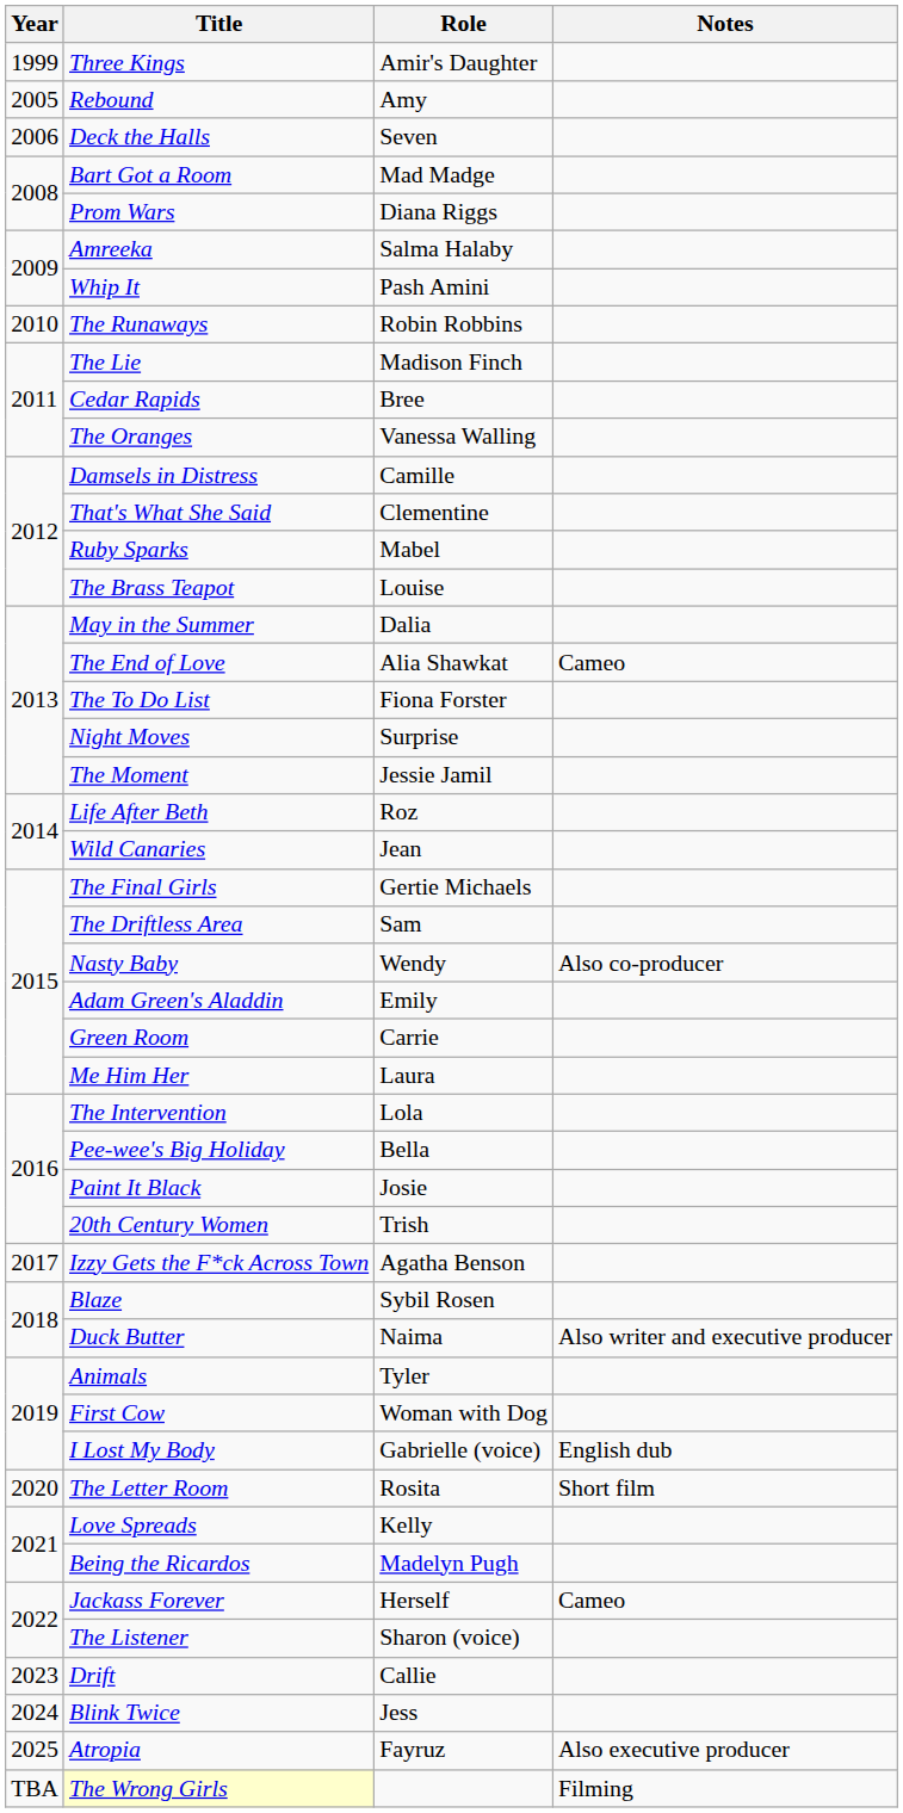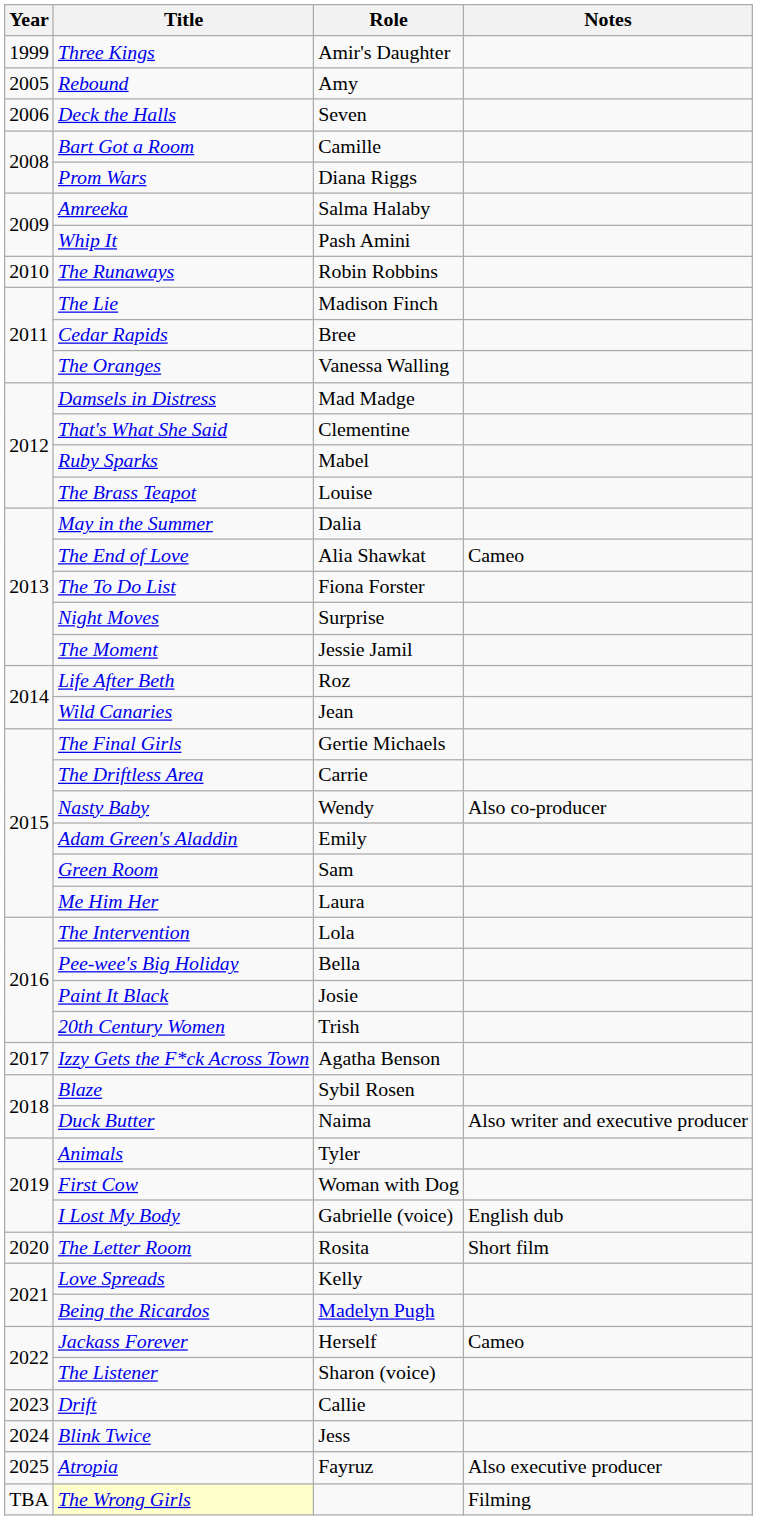 <table class="wikitable sortable">
 <tr>
 <th>Year</th>
 <th>Title</th>
 <th>Role</th>
 <th class="unsortable">Notes</th>
 </tr>
 <tr>
 <td>1999</td>
 <td><em><a href='#'>Three Kings</a></em></td>
 <td>Amir's Daughter</td>
 <td></td>
 </tr>
 <tr>
 <td>2005</td>
 <td><em><a href='#'>Rebound</a></em></td>
 <td>Amy</td>
 <td></td>
 </tr>
 <tr>
 <td>2006</td>
 <td><em><a href='#'>Deck the Halls</a></em></td>
 <td>Seven</td>
 <td></td>
 </tr>
 <tr>
 <td rowspan="2">2008</td>
 <td><em><a href='#'>Bart Got a Room</a></em></td>
-<td>Mad Madge</td>
+<td>Camille</td>
 <td></td>
 </tr>
 <tr>
 <td><em><a href='#'>Prom Wars</a></em></td>
 <td>Diana Riggs</td>
 <td></td>
 </tr>
 <tr>
 <td rowspan="2">2009</td>
 <td><em><a href='#'>Amreeka</a></em></td>
 <td>Salma Halaby</td>
 <td></td>
 </tr>
 <tr>
 <td><em><a href='#'>Whip It</a></em></td>
 <td>Pash Amini</td>
 <td></td>
 </tr>
 <tr>
 <td>2010</td>
 <td><em><a href='#'>The Runaways</a></em></td>
 <td>Robin Robbins</td>
 <td></td>
 </tr>
 <tr>
 <td rowspan="3">2011</td>
 <td><em><a href='#'>The Lie</a></em></td>
 <td>Madison Finch</td>
 <td></td>
 </tr>
 <tr>
 <td><em><a href='#'>Cedar Rapids</a></em></td>
 <td>Bree</td>
 <td></td>
 </tr>
 <tr>
 <td><em><a href='#'>The Oranges</a></em></td>
 <td>Vanessa Walling</td>
 <td></td>
 </tr>
 <tr>
 <td rowspan="4">2012</td>
 <td><em><a href='#'>Damsels in Distress</a></em></td>
-<td>Camille</td>
+<td>Mad Madge</td>
 <td></td>
 </tr>
 <tr>
 <td><em><a href='#'>That's What She Said</a></em></td>
 <td>Clementine</td>
 <td></td>
 </tr>
 <tr>
 <td><em><a href='#'>Ruby Sparks</a></em></td>
 <td>Mabel</td>
 <td></td>
 </tr>
 <tr>
 <td><em><a href='#'>The Brass Teapot</a></em></td>
 <td>Louise</td>
 <td></td>
 </tr>
 <tr>
 <td rowspan="5">2013</td>
 <td><em><a href='#'>May in the Summer</a></em></td>
 <td>Dalia</td>
 <td></td>
 </tr>
 <tr>
 <td><em><a href='#'>The End of Love</a></em></td>
 <td>Alia Shawkat</td>
 <td>Cameo</td>
 </tr>
 <tr>
 <td><em><a href='#'>The To Do List</a></em></td>
 <td>Fiona Forster</td>
 <td></td>
 </tr>
 <tr>
 <td><em><a href='#'>Night Moves</a></em></td>
 <td>Surprise</td>
 <td></td>
 </tr>
 <tr>
 <td><em><a href='#'>The Moment</a></em></td>
 <td>Jessie Jamil</td>
 <td></td>
 </tr>
 <tr>
 <td rowspan="2">2014</td>
 <td><em><a href='#'>Life After Beth</a></em></td>
 <td>Roz</td>
 <td></td>
 </tr>
 <tr>
 <td><em><a href='#'>Wild Canaries</a></em></td>
 <td>Jean</td>
 <td></td>
 </tr>
 <tr>
 <td rowspan="6">2015</td>
 <td><em><a href='#'>The Final Girls</a></em></td>
 <td>Gertie Michaels</td>
 <td></td>
 </tr>
 <tr>
 <td><em><a href='#'>The Driftless Area</a></em></td>
-<td>Sam</td>
+<td>Carrie</td>
 <td></td>
 </tr>
 <tr>
 <td><em><a href='#'>Nasty Baby</a></em></td>
 <td>Wendy</td>
 <td>Also co-producer</td>
 </tr>
 <tr>
 <td><em><a href='#'>Adam Green's Aladdin</a></em></td>
 <td>Emily</td>
 <td></td>
 </tr>
 <tr>
 <td><em><a href='#'>Green Room</a></em></td>
-<td>Carrie</td>
+<td>Sam</td>
 <td></td>
 </tr>
 <tr>
 <td><em><a href='#'>Me Him Her</a></em></td>
 <td>Laura</td>
 <td></td>
 </tr>
 <tr>
 <td rowspan="4">2016</td>
 <td><em><a href='#'>The Intervention</a></em></td>
 <td>Lola</td>
 <td></td>
 </tr>
 <tr>
 <td><em><a href='#'>Pee-wee's Big Holiday</a></em></td>
 <td>Bella</td>
 <td></td>
 </tr>
 <tr>
 <td><em><a href='#'>Paint It Black</a></em></td>
 <td>Josie</td>
 <td></td>
 </tr>
 <tr>
 <td><em><a href='#'>20th Century Women</a></em></td>
 <td>Trish</td>
 <td></td>
 </tr>
 <tr>
 <td>2017</td>
 <td><em><a href='#'>Izzy Gets the F*ck Across Town</a></em></td>
 <td>Agatha Benson</td>
 <td></td>
 </tr>
 <tr>
 <td rowspan="2">2018</td>
 <td><em><a href='#'>Blaze</a></em></td>
 <td>Sybil Rosen</td>
 <td></td>
 </tr>
 <tr>
 <td><em><a href='#'>Duck Butter</a></em></td>
 <td>Naima</td>
 <td>Also writer and executive producer</td>
 </tr>
 <tr>
 <td rowspan="3">2019</td>
 <td><em><a href='#'>Animals</a></em></td>
 <td>Tyler</td>
 <td></td>
 </tr>
 <tr>
 <td><em><a href='#'>First Cow</a></em></td>
 <td>Woman with Dog</td>
 <td></td>
 </tr>
 <tr>
 <td><em><a href='#'>I Lost My Body</a></em></td>
 <td>Gabrielle (voice)</td>
 <td>English dub</td>
 </tr>
 <tr>
 <td>2020</td>
 <td><em><a href='#'>The Letter Room</a></em></td>
 <td>Rosita</td>
 <td>Short film</td>
 </tr>
 <tr>
 <td rowspan="2">2021</td>
 <td><em><a href='#'>Love Spreads</a></em></td>
 <td>Kelly</td>
 <td></td>
 </tr>
 <tr>
 <td><em><a href='#'>Being the Ricardos</a></em></td>
 <td><a href='#'>Madelyn Pugh</a></td>
 <td></td>
 </tr>
 <tr>
 <td rowspan="2">2022</td>
 <td><em><a href='#'>Jackass Forever</a></em></td>
 <td>Herself</td>
 <td>Cameo</td>
 </tr>
 <tr>
 <td><em><a href='#'>The Listener</a></em></td>
 <td>Sharon (voice)</td>
 <td></td>
 </tr>
 <tr>
 <td>2023</td>
 <td><em><a href='#'>Drift</a></em></td>
 <td>Callie</td>
 <td></td>
 </tr>
 <tr>
 <td>2024</td>
 <td><em><a href='#'>Blink Twice</a></em></td>
 <td>Jess</td>
 <td></td>
 </tr>
 <tr>
 <td>2025</td>
 <td><em><a href='#'>Atropia</a></em></td>
 <td>Fayruz</td>
 <td>Also executive producer</td>
 </tr>
 <tr>
 <td>TBA</td>
 <td style="background:#FFFFCC;"><em><a href='#'>The Wrong Girls</a></em> </td>
 <td></td>
 <td>Filming</td>
 </tr>
 </table>
